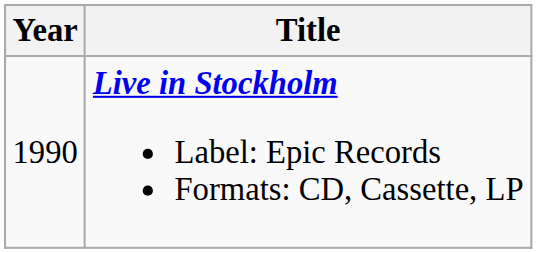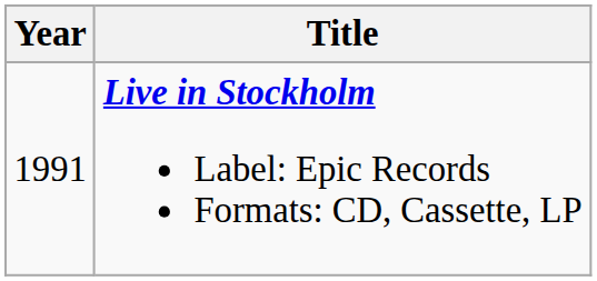 <table class="wikitable">
 <tr>
 <th><strong>Year</strong></th>
 <th><strong>Title</strong></th>
 </tr>
 <tr>
-<td>1990</td>
+<td>1991</td>
 <td><strong><em><a href='#'>Live in Stockholm</a></em></strong><br><ul><li>Label: Epic Records</li><li>Formats: CD, Cassette, LP</li></ul></td>
 </tr>
 </table>
